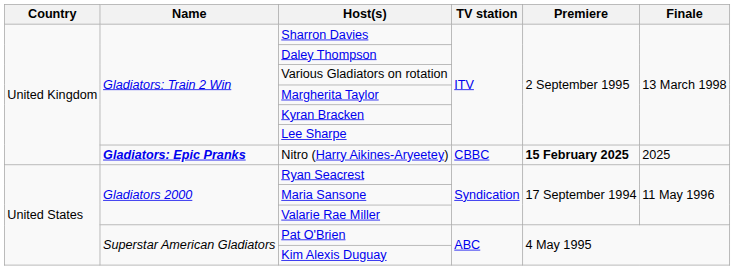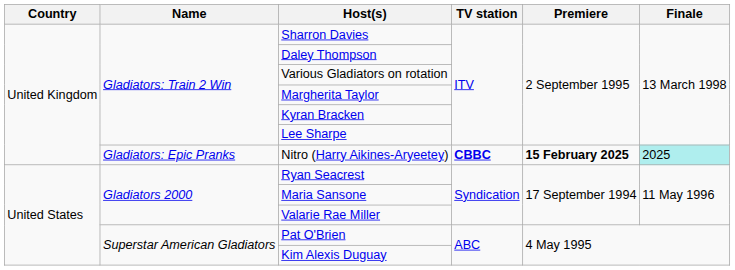 <table class="wikitable">
 <tr>
 <th>Country</th>
 <th>Name</th>
 <th>Host(s)</th>
 <th>TV station</th>
 <th>Premiere</th>
 <th>Finale</th>
 </tr>
 <tr>
 <td rowspan="7">United Kingdom</td>
 <td rowspan="6"><em><a href='#'>Gladiators: Train 2 Win</a></em></td>
 <td><a href='#'>Sharron Davies</a></td>
 <td rowspan="6"><a href='#'>ITV</a></td>
 <td rowspan="6">2 September 1995</td>
 <td rowspan="6">13 March 1998</td>
 </tr>
 <tr>
 <td><a href='#'>Daley Thompson</a></td>
 </tr>
 <tr>
 <td>Various Gladiators on rotation</td>
 </tr>
 <tr>
 <td><a href='#'>Margherita Taylor</a></td>
 </tr>
 <tr>
 <td><a href='#'>Kyran Bracken</a></td>
 </tr>
 <tr>
 <td><a href='#'>Lee Sharpe</a></td>
 </tr>
 <tr>
-<td><strong><em><a href='#'>Gladiators: Epic Pranks</a></em></strong></td>
+<td><em><a href='#'>Gladiators: Epic Pranks</a></em></td>
 <td>Nitro (<a href='#'>Harry Aikines-Aryeetey</a>)</td>
-<td><a href='#'>CBBC</a></td>
+<td><strong><a href='#'>CBBC</a></strong></td>
 <td><strong>15 February 2025</strong></td>
-<td>2025</td>
+<td style="background: paleturquoise;">2025</td>
 </tr>
 <tr>
 <td rowspan="5">United States</td>
 <td rowspan="3"><em><a href='#'>Gladiators 2000</a></em></td>
 <td><a href='#'>Ryan Seacrest</a></td>
 <td rowspan="3"><a href='#'>Syndication</a></td>
 <td rowspan="3">17 September 1994</td>
 <td rowspan="3">11 May 1996</td>
 </tr>
 <tr>
 <td><a href='#'>Maria Sansone</a></td>
 </tr>
 <tr>
 <td><a href='#'>Valarie Rae Miller</a></td>
 </tr>
 <tr>
 <td rowspan="2"><em>Superstar American Gladiators</em></td>
 <td><a href='#'>Pat O'Brien</a></td>
 <td rowspan="2"><a href='#'>ABC</a></td>
 <td rowspan="2" colspan="2">4 May 1995</td>
 </tr>
 <tr>
 <td><a href='#'>Kim Alexis Duguay</a></td>
 </tr>
 </table>
